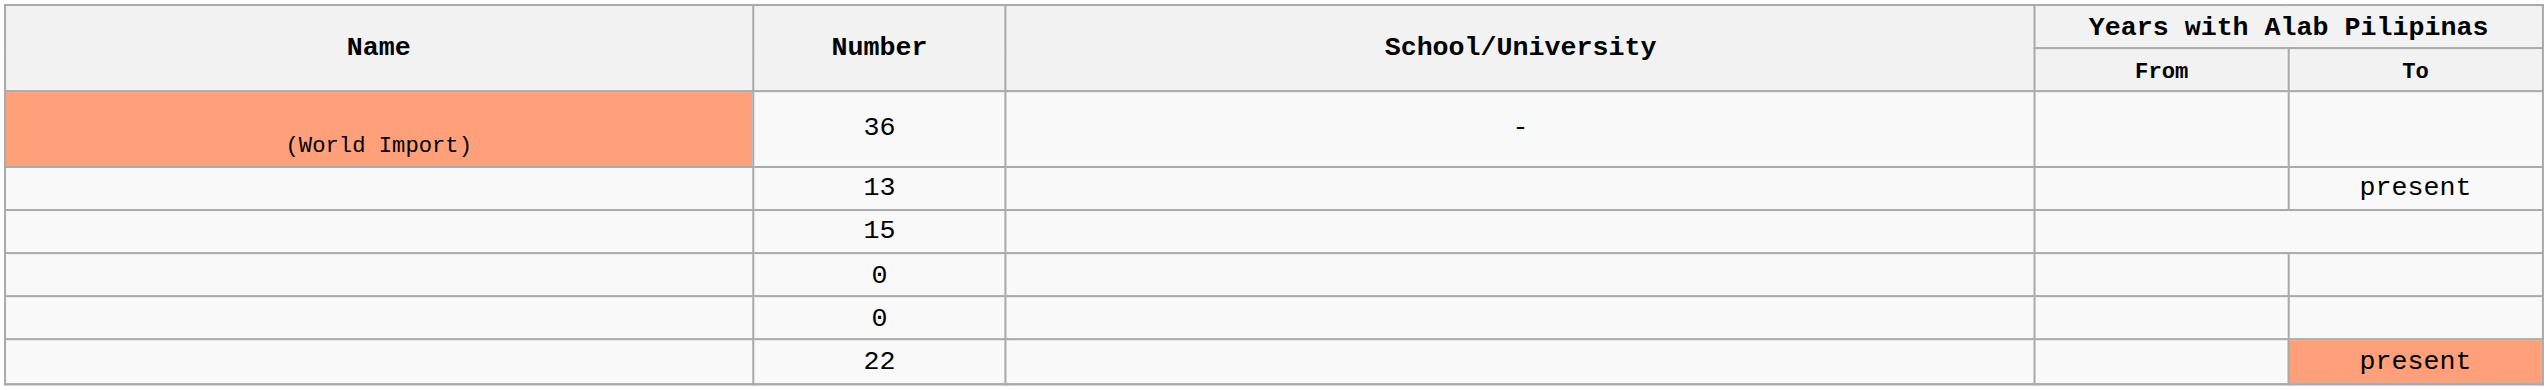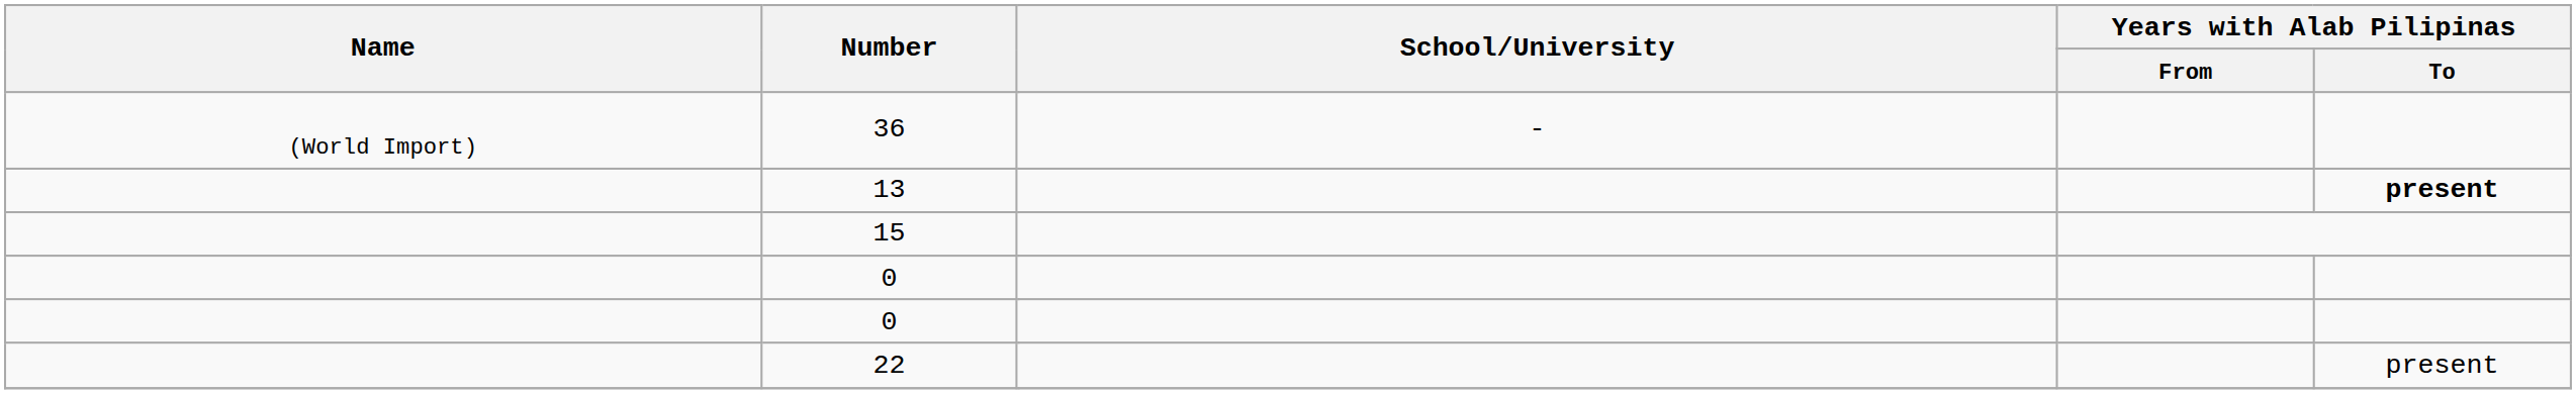 <table class="wikitable sortable" style="text-align:center" width="98%">
 <tr>
 <th style="width:180px;" rowspan="2">Name</th>
 <th style="width:10%;" colspan="2" rowspan="2">Number</th>
 <th style="width:250px;" rowspan="2">School/University</th>
 <th style="width:180px; text-align:center;" colspan="2">Years with Alab Pilipinas</th>
 </tr>
 <tr>
 <th style="width:10%; text-align:center;"><small>From</small></th>
 <th style="width:10%; text-align:center;"><small>To</small></th>
 </tr>
 <tr>
-<td style="background: lightsalmon;"><br><small>(World Import)</small></td>
+<td><br><small>(World Import)</small></td>
 <td colspan="2">36</td>
 <td>-</td>
 <td></td>
 <td></td>
 </tr>
 <tr>
 <td></td>
 <td colspan="2">13</td>
 <td></td>
 <td></td>
-<td>present</td>
+<td><strong>present</strong></td>
 </tr>
 <tr>
 <td></td>
 <td colspan="2">15</td>
 <td></td>
 <td colspan="2"></td>
 </tr>
 <tr>
 <td></td>
 <td colspan="2">0</td>
 <td></td>
 <td></td>
 <td></td>
 </tr>
 <tr>
 <td></td>
 <td colspan="2">0</td>
 <td></td>
 <td></td>
 <td></td>
 </tr>
 <tr>
 <td></td>
 <td colspan="2">22</td>
 <td></td>
 <td></td>
-<td style="background: lightsalmon;">present</td>
+<td>present</td>
 </tr>
 <tr>
 </tr>
 </table>
